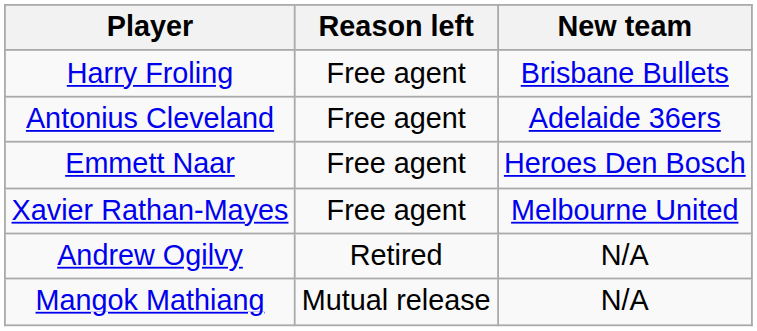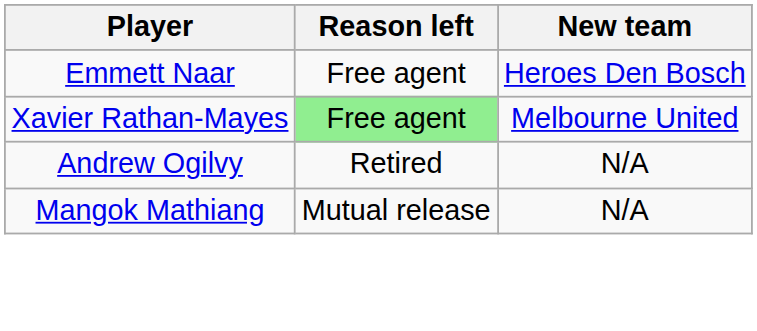 <table class="wikitable sortable sortable" style="text-align: center">
 <tr>
 <th>Player</th>
 <th>Reason left</th>
 <th>New team</th>
-</tr>
-<tr>
-<td><a href='#'>Harry Froling</a></td>
-<td>Free agent</td>
-<td><a href='#'>Brisbane Bullets</a></td>
-</tr>
-<tr>
-<td><a href='#'>Antonius Cleveland</a></td>
-<td>Free agent</td>
-<td><a href='#'>Adelaide 36ers</a></td>
 </tr>
 <tr>
 <td><a href='#'>Emmett Naar</a></td>
 <td>Free agent</td>
 <td><a href='#'>Heroes Den Bosch</a></td>
 </tr>
 <tr>
 <td><a href='#'>Xavier Rathan-Mayes</a></td>
-<td>Free agent</td>
+<td style="background: lightgreen;">Free agent</td>
 <td><a href='#'>Melbourne United</a></td>
 </tr>
 <tr>
 <td><a href='#'>Andrew Ogilvy</a></td>
 <td>Retired</td>
 <td>N/A</td>
 </tr>
 <tr>
 <td><a href='#'>Mangok Mathiang</a></td>
 <td>Mutual release</td>
 <td>N/A</td>
 </tr>
 </table>
